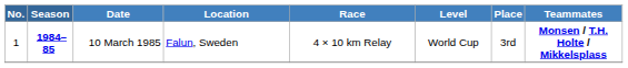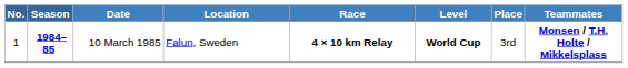 <table class="wikitable sortable" style="font-size:95%; text-align:center; border:grey solid 1px; border-collapse:collapse; background:#ffffff;">
 <tr style="background:#efefef;">
 <th style="background-color:#369; color:white;">No.</th>
 <th style="background-color:#369; color:white;">Season</th>
 <th style="background-color:#4180be; color:white; width:120px;">Date</th>
 <th style="background-color:#4180be; color:white; width:170px;">Location</th>
 <th style="background-color:#4180be; color:white; width:170px;">Race</th>
 <th style="background-color:#4180be; color:white; width:100px;">Level</th>
 <th style="background-color:#4180be; color:white;">Place</th>
 <th style="background-color:#4180be; color:white;">Teammates</th>
 </tr>
 <tr>
 <td align=center>1</td>
 <td rowspan=1 align=center><strong> <a href='#'>1984–85</a> </strong></td>
 <td align=right>10 March 1985</td>
 <td align=left> <a href='#'>Falun</a>, Sweden</td>
-<td>4 × 10 km Relay</td>
-<td>World Cup</td>
+<td><strong>4 × 10 km Relay</strong></td>
+<td><strong>World Cup</strong></td>
 <td>3rd</td>
 <td><strong><a href='#'>Monsen</a> / <a href='#'>T.H. Holte</a> / <a href='#'>Mikkelsplass</a></strong></td>
 </tr>
 <tr>
 </tr>
 </table>
